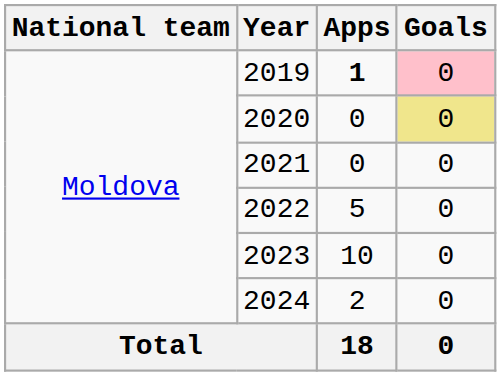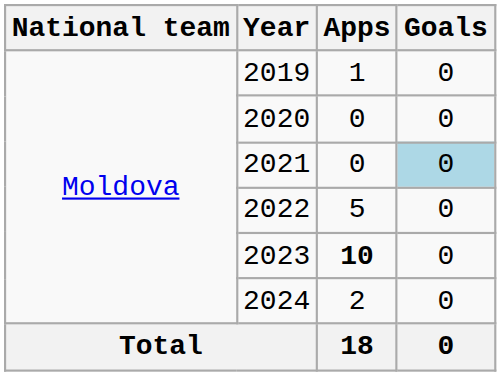 <table class="wikitable" style="text-align:center">
 <tr>
 <th>National team</th>
 <th>Year</th>
 <th>Apps</th>
 <th>Goals</th>
 </tr>
 <tr>
 <td rowspan="6"><a href='#'>Moldova</a></td>
 <td>2019</td>
-<td><strong>1</strong></td>
-<td style="background: pink;">0</td>
+<td>1</td>
+<td>0</td>
 </tr>
 <tr>
 <td>2020</td>
 <td>0</td>
-<td style="background: khaki;">0</td>
+<td>0</td>
 </tr>
 <tr>
 <td>2021</td>
 <td>0</td>
-<td>0</td>
+<td style="background: lightblue;">0</td>
 </tr>
 <tr>
 <td>2022</td>
 <td>5</td>
 <td>0</td>
 </tr>
 <tr>
 <td>2023</td>
-<td>10</td>
+<td><strong>10</strong></td>
 <td>0</td>
 </tr>
 <tr>
 <td>2024</td>
 <td>2</td>
 <td>0</td>
 </tr>
 <tr>
 <th colspan=2>Total</th>
 <th>18</th>
 <th>0</th>
 </tr>
 </table>
